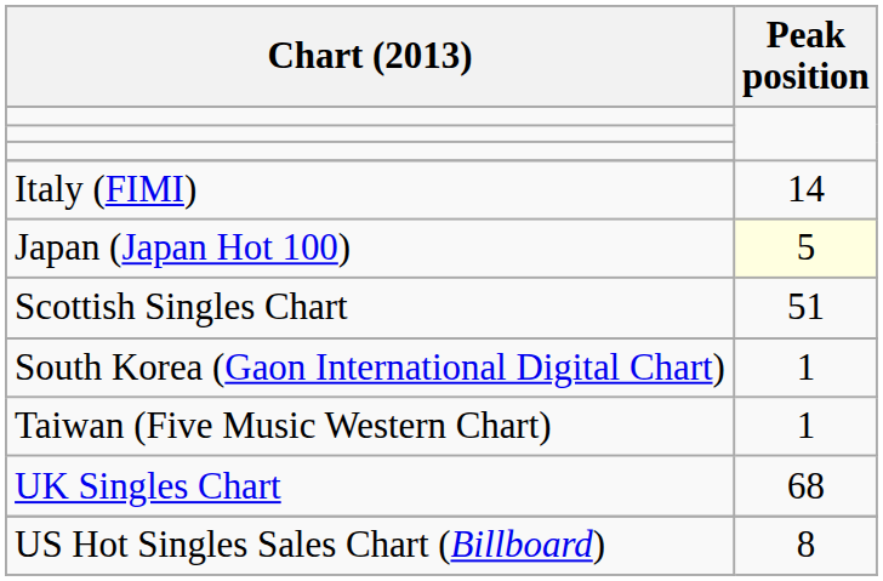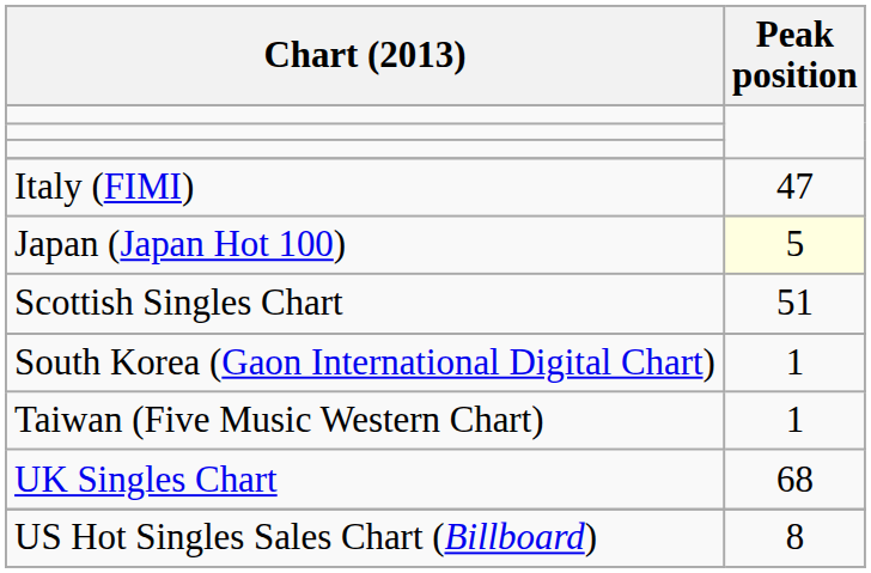 <table class="wikitable sortable">
 <tr>
 <th>Chart (2013)</th>
 <th>Peak<br>position</th>
 </tr>
 <tr>
 </tr>
 <tr>
 <td></td>
 </tr>
 <tr>
 <td></td>
 </tr>
 <tr>
 <td></td>
 </tr>
 <tr>
 </tr>
 <tr>
 </tr>
 <tr>
 </tr>
 <tr>
 <td>Italy (<a href='#'>FIMI</a>)</td>
-<td style="text-align:center;">14</td>
+<td style="text-align:center;">47</td>
 </tr>
 <tr>
 <td>Japan (<a href='#'>Japan Hot 100</a>)</td>
 <td style="background: lightyellow; text-align:center;">5</td>
 </tr>
 <tr>
 <td align="left">Scottish Singles Chart</td>
 <td style="text-align:center;">51</td>
 </tr>
 <tr>
 </tr>
 <tr>
 <td>South Korea (<a href='#'>Gaon International Digital Chart</a>)</td>
 <td style="text-align:center;">1</td>
 </tr>
 <tr>
 <td>Taiwan (Five Music Western Chart)</td>
 <td style="text-align:center;">1</td>
 </tr>
 <tr>
 <td><a href='#'>UK Singles Chart</a></td>
 <td style="text-align:center;">68</td>
 </tr>
 <tr>
 </tr>
 <tr>
 <td>US Hot Singles Sales Chart (<em><a href='#'>Billboard</a></em>)</td>
 <td style="text-align:center;">8</td>
 </tr>
 </table>
